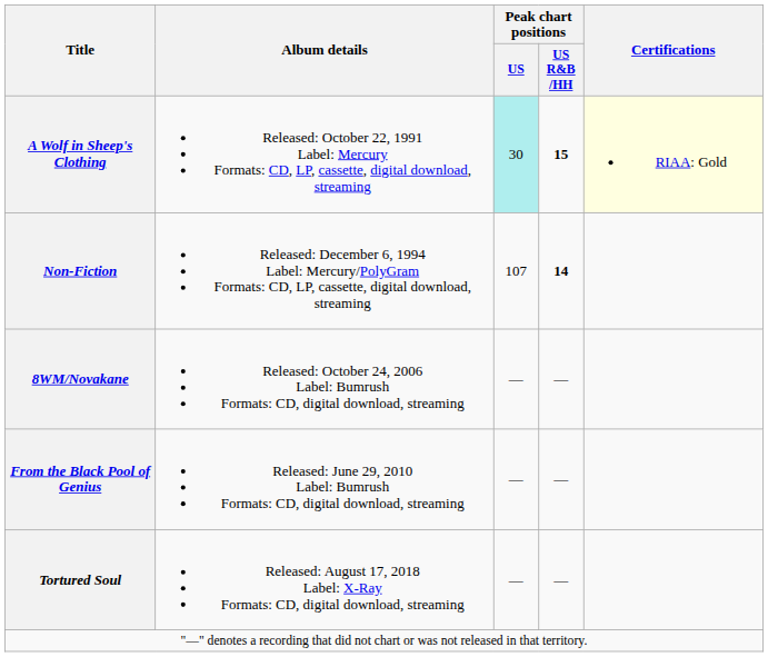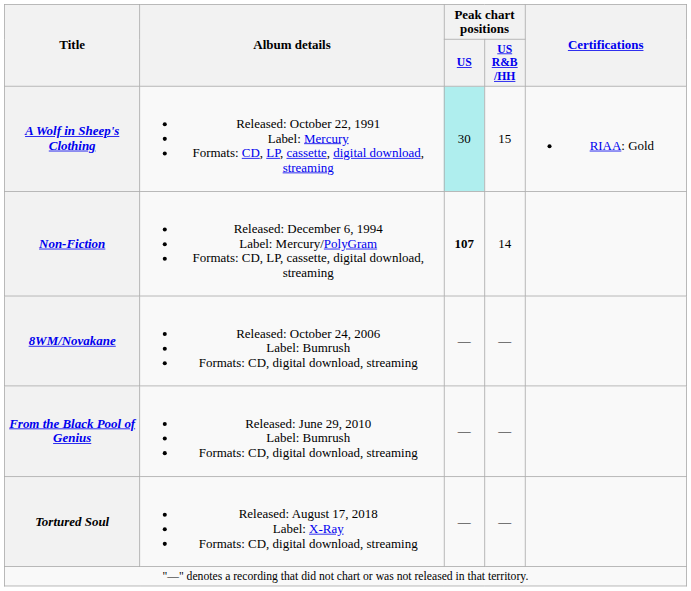 <table class="wikitable plainrowheaders" style="text-align:center;" border="1">
 <tr>
 <th scope="col" rowspan="2" style="width:10em;">Title</th>
 <th scope="col" rowspan="2" style="width:23em;">Album details</th>
 <th scope="col" colspan="2">Peak chart positions</th>
 <th scope="col" rowspan="2" style="width:12em;"><a href='#'>Certifications</a></th>
 </tr>
 <tr>
 <th scope="col" style="width:3em;font-size:90%;"><a href='#'>US</a><br></th>
 <th scope="col" style="width:3em;font-size:90%;"><a href='#'>US<br>R&B<br>/HH</a><br></th>
 </tr>
 <tr>
 <th scope="row"><em><a href='#'>A Wolf in Sheep's Clothing</a></em></th>
 <td><br><ul><li>Released: October 22, 1991</li><li>Label: <a href='#'>Mercury</a></li><li>Formats: <a href='#'>CD</a>, <a href='#'>LP</a>, <a href='#'>cassette</a>, <a href='#'>digital download</a>, <a href='#'>streaming</a></li></ul></td>
 <td style="background: paleturquoise; text-align:center;">30</td>
-<td style="text-align:center;"><strong>15</strong></td>
-<td style="background: lightyellow;"><br><ul><li><a href='#'>RIAA</a>: Gold</li></ul></td>
+<td style="text-align:center;">15</td>
+<td><br><ul><li><a href='#'>RIAA</a>: Gold</li></ul></td>
 </tr>
 <tr>
 <th scope="row"><em><a href='#'>Non-Fiction</a></em></th>
 <td><br><ul><li>Released: December 6, 1994</li><li>Label: Mercury/<a href='#'>PolyGram</a></li><li>Formats: CD, LP, cassette, digital download, streaming</li></ul></td>
-<td style="text-align:center;">107</td>
-<td style="text-align:center;"><strong>14</strong></td>
+<td style="text-align:center;"><strong>107</strong></td>
+<td style="text-align:center;">14</td>
 <td></td>
 </tr>
 <tr>
 <th scope="row"><em><a href='#'>8WM/Novakane</a></em></th>
 <td><br><ul><li>Released: October 24, 2006</li><li>Label: Bumrush</li><li>Formats: CD, digital download, streaming</li></ul></td>
 <td style="text-align:center;">—</td>
 <td style="text-align:center;">—</td>
 <td></td>
 </tr>
 <tr>
 <th scope="row"><em><a href='#'>From the Black Pool of Genius</a></em></th>
 <td><br><ul><li>Released: June 29, 2010</li><li>Label: Bumrush</li><li>Formats: CD, digital download, streaming</li></ul></td>
 <td style="text-align:center;">—</td>
 <td style="text-align:center;">—</td>
 <td></td>
 </tr>
 <tr>
 <th scope="row"><em>Tortured Soul</em></th>
 <td><br><ul><li>Released: August 17, 2018</li><li>Label: <a href='#'>X-Ray</a></li><li>Formats: CD, digital download, streaming</li></ul></td>
 <td style="text-align:center;">—</td>
 <td style="text-align:center;">—</td>
 <td></td>
 </tr>
 <tr>
 <td colspan="15" style="font-size:90%">"—" denotes a recording that did not chart or was not released in that territory.</td>
 </tr>
 </table>
